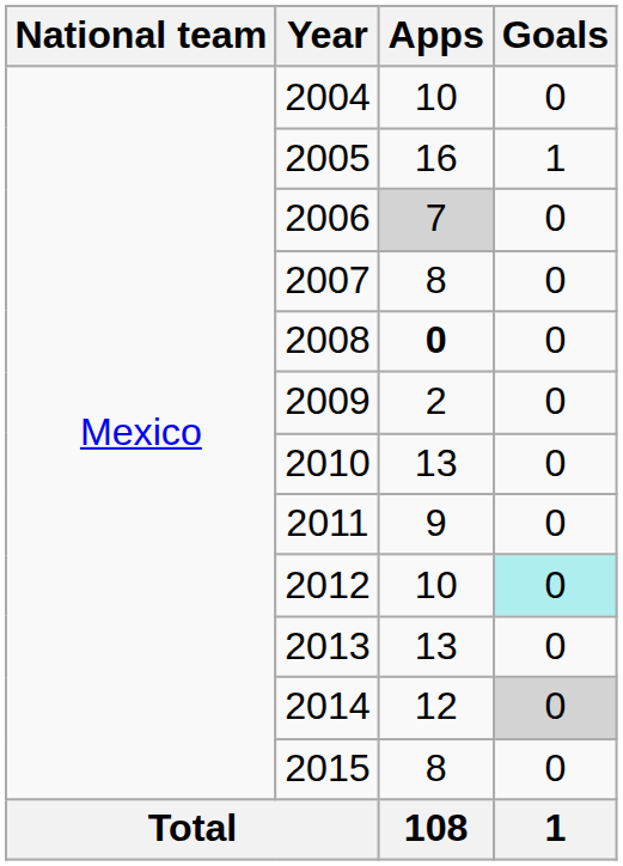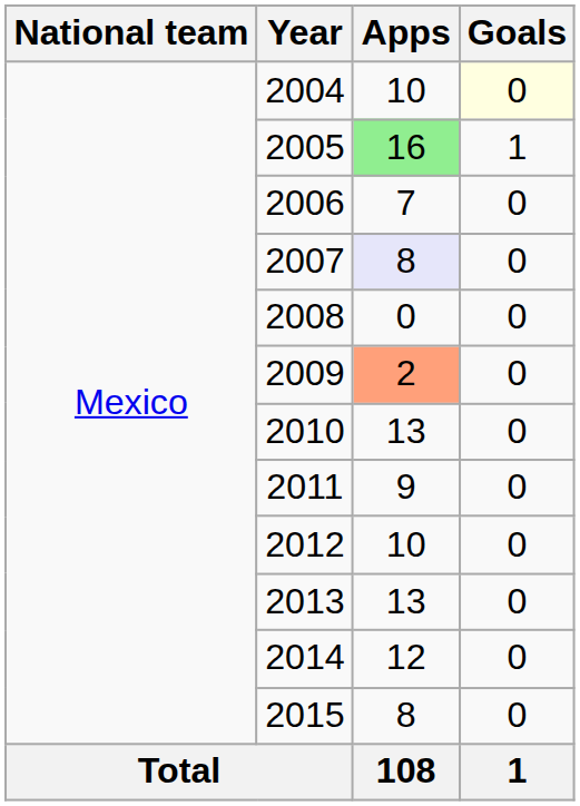 <table class="wikitable" style="text-align: center;">
 <tr>
 <th>National team</th>
 <th>Year</th>
 <th>Apps</th>
 <th>Goals</th>
 </tr>
 <tr>
 <td rowspan="12"><a href='#'>Mexico</a></td>
 <td>2004</td>
 <td>10</td>
-<td>0</td>
+<td style="background: lightyellow;">0</td>
 </tr>
 <tr>
 <td>2005</td>
-<td>16</td>
+<td style="background: lightgreen;">16</td>
 <td>1</td>
 </tr>
 <tr>
 <td>2006</td>
-<td style="background: lightgrey;">7</td>
+<td>7</td>
 <td>0</td>
 </tr>
 <tr>
 <td>2007</td>
-<td>8</td>
+<td style="background: lavender;">8</td>
 <td>0</td>
 </tr>
 <tr>
 <td>2008</td>
-<td><strong>0</strong></td>
+<td>0</td>
 <td>0</td>
 </tr>
 <tr>
 <td>2009</td>
-<td>2</td>
+<td style="background: lightsalmon;">2</td>
 <td>0</td>
 </tr>
 <tr>
 <td>2010</td>
 <td>13</td>
 <td>0</td>
 </tr>
 <tr>
 <td>2011</td>
 <td>9</td>
 <td>0</td>
 </tr>
 <tr>
 <td>2012</td>
 <td>10</td>
-<td style="background: paleturquoise;">0</td>
+<td>0</td>
 </tr>
 <tr>
 <td>2013</td>
 <td>13</td>
 <td>0</td>
 </tr>
 <tr>
 <td>2014</td>
 <td>12</td>
-<td style="background: lightgrey;">0</td>
+<td>0</td>
 </tr>
 <tr>
 <td>2015</td>
 <td>8</td>
 <td>0</td>
 </tr>
 <tr>
 <th colspan="2">Total</th>
 <th>108</th>
 <th>1</th>
 </tr>
 </table>
